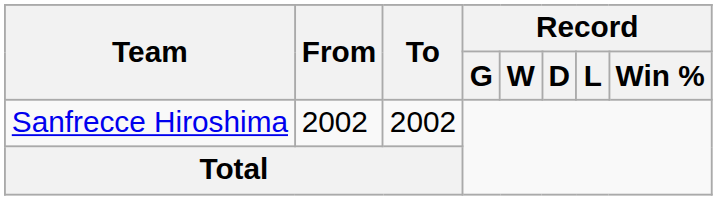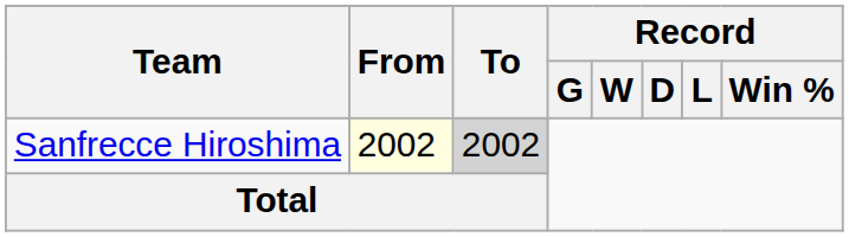 <table class="wikitable" style="text-align: center">
 <tr>
 <th rowspan="2">Team</th>
 <th rowspan="2">From</th>
 <th rowspan="2">To</th>
 <th colspan="5">Record</th>
 </tr>
 <tr>
 <th>G</th>
 <th>W</th>
 <th>D</th>
 <th>L</th>
 <th>Win %</th>
 </tr>
 <tr>
 <td align="left"><a href='#'>Sanfrecce Hiroshima</a></td>
-<td align="left">2002</td>
-<td align="left">2002<br></td>
+<td align="left" style="background: lightyellow;">2002</td>
+<td align="left" style="background: lightgrey;">2002<br></td>
 </tr>
 <tr>
 <th colspan="3">Total<br></th>
 </tr>
 </table>
